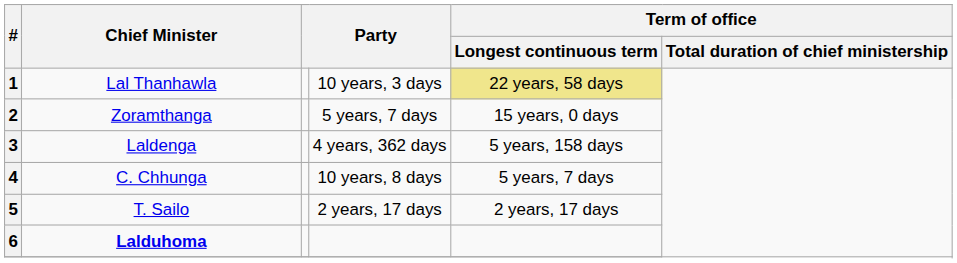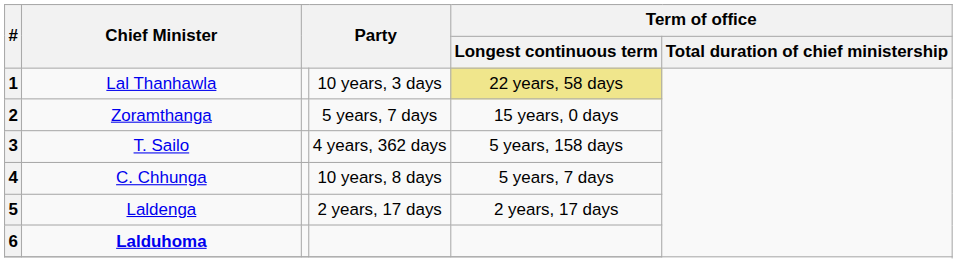 <table class="wikitable sortable" style="line-height:1.4em; text-align:center">
 <tr>
 <th data-sort-type=number rowspan = "2">#</th>
 <th rowspan="2" style="width:16em">Chief Minister</th>
 <th rowspan="2" colspan=2 style="width:8em">Party</th>
 <th colspan="2">Term of office</th>
 </tr>
 <tr>
 <th>Longest continuous term</th>
 <th>Total duration of chief ministership</th>
 </tr>
 <tr>
 <th data-sort-value="1">1</th>
 <td><a href='#'>Lal Thanhawla</a></td>
 <td></td>
 <td>10 years, 3 days</td>
 <td style="background: khaki;">22 years, 58 days</td>
 </tr>
 <tr>
 <th data-sort-value="2">2</th>
 <td><a href='#'>Zoramthanga</a></td>
 <td></td>
 <td>5 years, 7 days</td>
 <td>15 years, 0 days</td>
 </tr>
 <tr>
 <th data-sort-value="3">3</th>
-<td><a href='#'>Laldenga</a></td>
+<td><a href='#'>T. Sailo</a></td>
 <td></td>
 <td>4 years, 362 days</td>
 <td>5 years, 158 days</td>
 </tr>
 <tr>
 <th data-sort-value="4">4</th>
 <td><a href='#'>C. Chhunga</a></td>
 <td></td>
 <td>10 years, 8 days</td>
 <td>5 years, 7 days</td>
 </tr>
 <tr>
 <th data-sort-value="5">5</th>
-<td><a href='#'>T. Sailo</a></td>
+<td><a href='#'>Laldenga</a></td>
 <td></td>
 <td>2 years, 17 days</td>
 <td>2 years, 17 days</td>
 </tr>
 <tr>
 <th data-sort-value="6">6</th>
 <td><strong><a href='#'>Lalduhoma</a></strong></td>
 <td></td>
 <td><strong></strong></td>
 <td><strong></strong></td>
 </tr>
 <tr>
 </tr>
 </table>
